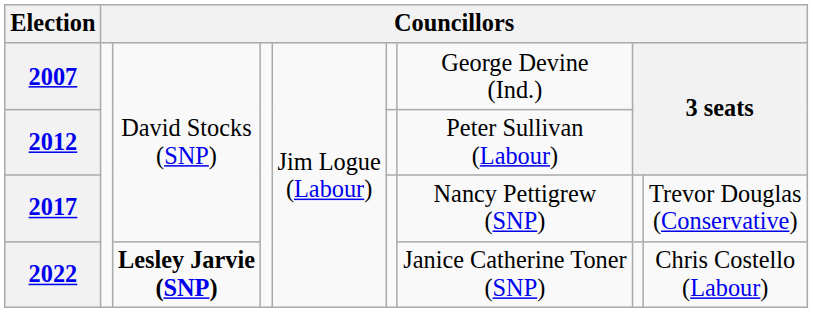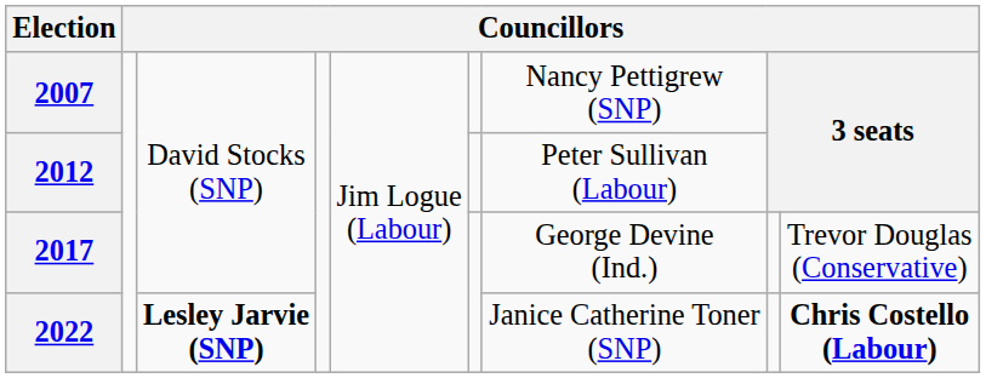 <table class="wikitable" style="text-align:center">
 <tr>
 <th>Election</th>
 <th colspan=8>Councillors</th>
 </tr>
 <tr>
 <th><a href='#'>2007</a></th>
 <td rowspan=4; style="background-color: "></td>
 <td rowspan=3>David Stocks<br>(<a href='#'>SNP</a>)</td>
 <td rowspan=4; style="background-color: "></td>
 <td rowspan=4>Jim Logue<br>(<a href='#'>Labour</a>)</td>
 <td rowspan=1; style="background-color: "></td>
-<td rowspan=1>George Devine<br>(Ind.)</td>
+<td rowspan=1>Nancy Pettigrew<br>(<a href='#'>SNP</a>)</td>
 <th colspan=2; rowspan=2>3 seats</th>
 </tr>
 <tr>
 <th><a href='#'>2012</a></th>
 <td rowspan=1; style="background-color: "></td>
 <td rowspan=1>Peter Sullivan<br>(<a href='#'>Labour</a>)</td>
 </tr>
 <tr>
 <th><a href='#'>2017</a></th>
 <td rowspan=2; style="background-color: "></td>
-<td rowspan=1>Nancy Pettigrew<br>(<a href='#'>SNP</a>)</td>
+<td rowspan=1>George Devine<br>(Ind.)</td>
 <td rowspan=1; style="background-color: "></td>
 <td rowspan=1>Trevor Douglas<br>(<a href='#'>Conservative</a>)</td>
 </tr>
 <tr>
 <th><a href='#'>2022</a></th>
 <td rowspan=1><strong>Lesley Jarvie<br>(<a href='#'>SNP</a>)</strong></td>
 <td rowspan=1>Janice Catherine Toner<br>(<a href='#'>SNP</a>)</td>
 <td rowspan=1; style="background-color: "></td>
-<td rowspan=1>Chris Costello<br>(<a href='#'>Labour</a>)</td>
+<td rowspan=1><strong>Chris Costello<br>(<a href='#'>Labour</a>)</strong></td>
 </tr>
 </table>
